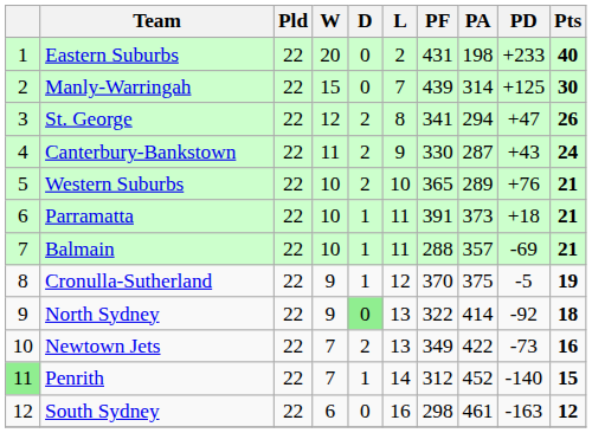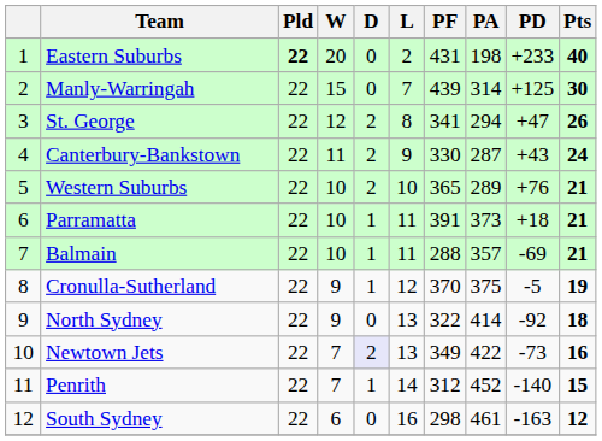 <table class="wikitable" style="text-align:center;">
 <tr>
 <th width=20 abbr="Position×"></th>
 <th width=175>Team</th>
 <th width=20 abbr="Played">Pld</th>
 <th width=20 abbr="Won">W</th>
 <th width=20 abbr="Drawn">D</th>
 <th width=20 abbr="Lost">L</th>
 <th width=20 abbr="Points for">PF</th>
 <th width=20 abbr="Points against">PA</th>
 <th width=20 abbr="Points difference">PD</th>
 <th width=20 abbr="Points">Pts</th>
 </tr>
 <tr style="background: #ccffcc;">
 <td>1</td>
 <td style="text-align:left;"> <a href='#'>Eastern Suburbs</a></td>
-<td>22</td>
+<td><strong>22</strong></td>
 <td>20</td>
 <td>0</td>
 <td>2</td>
 <td>431</td>
 <td>198</td>
 <td>+233</td>
 <td><strong>40</strong></td>
 </tr>
 <tr style="background: #ccffcc;">
 <td>2</td>
 <td style="text-align:left;"> <a href='#'>Manly-Warringah</a></td>
 <td>22</td>
 <td>15</td>
 <td>0</td>
 <td>7</td>
 <td>439</td>
 <td>314</td>
 <td>+125</td>
 <td><strong>30</strong></td>
 </tr>
 <tr style="background: #ccffcc;">
 <td>3</td>
 <td style="text-align:left;"> <a href='#'>St. George</a></td>
 <td>22</td>
 <td>12</td>
 <td>2</td>
 <td>8</td>
 <td>341</td>
 <td>294</td>
 <td>+47</td>
 <td><strong>26</strong></td>
 </tr>
 <tr style="background: #ccffcc;">
 <td>4</td>
 <td style="text-align:left;"> <a href='#'>Canterbury-Bankstown</a></td>
 <td>22</td>
 <td>11</td>
 <td>2</td>
 <td>9</td>
 <td>330</td>
 <td>287</td>
 <td>+43</td>
 <td><strong>24</strong></td>
 </tr>
 <tr style="background: #ccffcc;">
 <td>5</td>
 <td style="text-align:left;"> <a href='#'>Western Suburbs</a></td>
 <td>22</td>
 <td>10</td>
 <td>2</td>
 <td>10</td>
 <td>365</td>
 <td>289</td>
 <td>+76</td>
 <td><strong>21</strong></td>
 </tr>
 <tr style="background: #ccffcc;">
 <td>6</td>
 <td style="text-align:left;"> <a href='#'>Parramatta</a></td>
 <td>22</td>
 <td>10</td>
 <td>1</td>
 <td>11</td>
 <td>391</td>
 <td>373</td>
 <td>+18</td>
 <td><strong>21</strong></td>
 </tr>
 <tr style="background: #ccffcc;">
 <td>7</td>
 <td style="text-align:left;"> <a href='#'>Balmain</a></td>
 <td>22</td>
 <td>10</td>
 <td>1</td>
 <td>11</td>
 <td>288</td>
 <td>357</td>
 <td>-69</td>
 <td><strong>21</strong></td>
 </tr>
 <tr>
 <td>8</td>
 <td style="text-align:left;"> <a href='#'>Cronulla-Sutherland</a></td>
 <td>22</td>
 <td>9</td>
 <td>1</td>
 <td>12</td>
 <td>370</td>
 <td>375</td>
 <td>-5</td>
 <td><strong>19</strong></td>
 </tr>
 <tr>
 <td>9</td>
 <td style="text-align:left;"> <a href='#'>North Sydney</a></td>
 <td>22</td>
 <td>9</td>
-<td style="background: lightgreen;">0</td>
+<td>0</td>
 <td>13</td>
 <td>322</td>
 <td>414</td>
 <td>-92</td>
 <td><strong>18</strong></td>
 </tr>
 <tr>
 <td>10</td>
 <td style="text-align:left;"> <a href='#'>Newtown Jets</a></td>
 <td>22</td>
 <td>7</td>
-<td>2</td>
+<td style="background: lavender;">2</td>
 <td>13</td>
 <td>349</td>
 <td>422</td>
 <td>-73</td>
 <td><strong>16</strong></td>
 </tr>
 <tr>
-<td style="background: lightgreen;">11</td>
+<td>11</td>
 <td style="text-align:left;"> <a href='#'>Penrith</a></td>
 <td>22</td>
 <td>7</td>
 <td>1</td>
 <td>14</td>
 <td>312</td>
 <td>452</td>
 <td>-140</td>
 <td><strong>15</strong></td>
 </tr>
 <tr>
 <td>12</td>
 <td style="text-align:left;"> <a href='#'>South Sydney</a></td>
 <td>22</td>
 <td>6</td>
 <td>0</td>
 <td>16</td>
 <td>298</td>
 <td>461</td>
 <td>-163</td>
 <td><strong>12</strong></td>
 </tr>
 <tr>
 </tr>
 </table>
